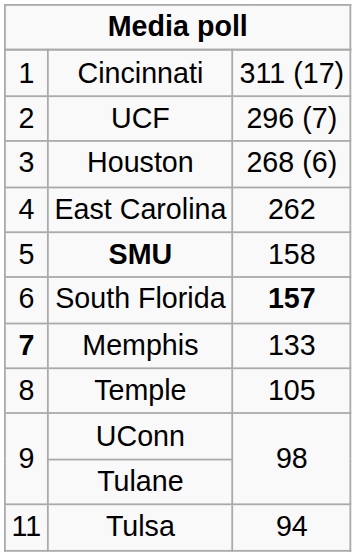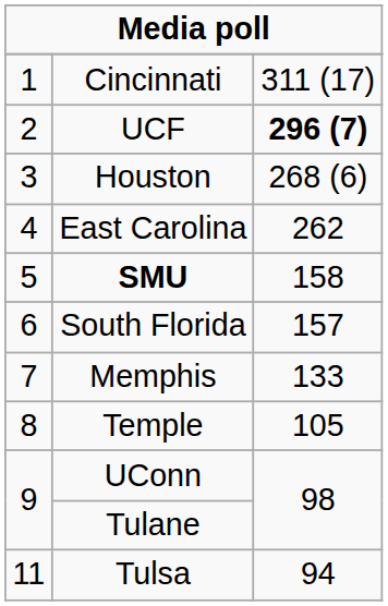 <table class="wikitable">
 <tr align="center">
 <td align="center" Colspan="3"><strong>Media poll</strong></td>
 </tr>
 <tr align="center">
 </tr>
 <tr align="center">
 <td>1</td>
 <td>Cincinnati</td>
 <td>311 (17)</td>
 </tr>
 <tr align="center">
 <td>2</td>
 <td>UCF</td>
-<td>296 (7)</td>
+<td><strong>296 (7)</strong></td>
 </tr>
 <tr align="center">
 <td>3</td>
 <td>Houston</td>
 <td>268 (6)</td>
 </tr>
 <tr align="center">
 <td>4</td>
 <td>East Carolina</td>
 <td>262</td>
 </tr>
 <tr align="center">
 <td>5</td>
 <td><strong>SMU</strong></td>
 <td>158</td>
 </tr>
 <tr align="center">
 <td>6</td>
 <td>South Florida</td>
-<td><strong>157</strong></td>
+<td>157</td>
 </tr>
 <tr align="center">
-<td><strong>7</strong></td>
+<td>7</td>
 <td>Memphis</td>
 <td>133</td>
 </tr>
 <tr align="center">
 <td>8</td>
 <td>Temple</td>
 <td>105</td>
 </tr>
 <tr align="center">
 <td rowspan="2">9</td>
 <td>UConn</td>
 <td rowspan="2">98</td>
 </tr>
 <tr align="center">
 <td>Tulane</td>
 </tr>
 <tr align="center">
 <td>11</td>
 <td>Tulsa</td>
 <td>94</td>
 </tr>
 </table>
